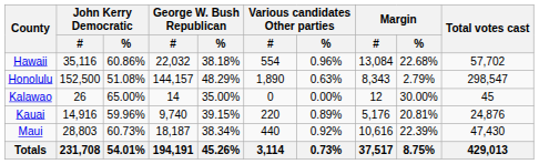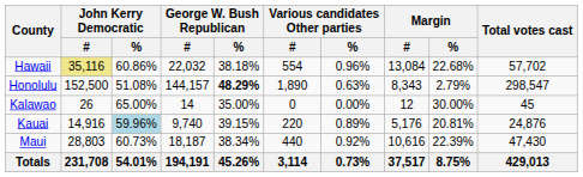 <table width="60%"  class="wikitable sortable" style="text-align:center">
 <tr>
 <th style="text-align:center;" rowspan="2">County</th>
 <th style="text-align:center;" colspan="2">John Kerry<br>Democratic</th>
 <th style="text-align:center;" colspan="2">George W. Bush<br>Republican</th>
 <th style="text-align:center;" colspan="2">Various candidates<br>Other parties</th>
 <th style="text-align:center;" colspan="2">Margin</th>
 <th style="text-align:center;" rowspan="2">Total votes cast</th>
 </tr>
 <tr>
 <th style="text-align:center;" data-sort-type="number">#</th>
 <th style="text-align:center;" data-sort-type="number">%</th>
 <th style="text-align:center;" data-sort-type="number">#</th>
 <th style="text-align:center;" data-sort-type="number">%</th>
 <th style="text-align:center;" data-sort-type="number">#</th>
 <th style="text-align:center;" data-sort-type="number">%</th>
 <th style="text-align:center;" data-sort-type="number">#</th>
 <th style="text-align:center;" data-sort-type="number">%</th>
 </tr>
 <tr style="text-align:center;">
 <td><a href='#'>Hawaii</a></td>
-<td>35,116</td>
+<td style="background: khaki;">35,116</td>
 <td>60.86%</td>
 <td>22,032</td>
 <td>38.18%</td>
 <td>554</td>
 <td>0.96%</td>
 <td>13,084</td>
 <td>22.68%</td>
 <td>57,702</td>
 </tr>
 <tr style="text-align:center;">
 <td><a href='#'>Honolulu</a></td>
 <td>152,500</td>
 <td>51.08%</td>
 <td>144,157</td>
-<td>48.29%</td>
+<td><strong>48.29%</strong></td>
 <td>1,890</td>
 <td>0.63%</td>
 <td>8,343</td>
 <td>2.79%</td>
 <td>298,547</td>
 </tr>
 <tr style="text-align:center;">
 <td><a href='#'>Kalawao</a></td>
 <td>26</td>
 <td>65.00%</td>
 <td>14</td>
 <td>35.00%</td>
 <td>0</td>
 <td>0.00%</td>
 <td>12</td>
 <td>30.00%</td>
 <td>45</td>
 </tr>
 <tr style="text-align:center;">
 <td><a href='#'>Kauai</a></td>
 <td>14,916</td>
-<td>59.96%</td>
+<td style="background: lightblue;">59.96%</td>
 <td>9,740</td>
 <td>39.15%</td>
 <td>220</td>
 <td>0.89%</td>
 <td>5,176</td>
 <td>20.81%</td>
 <td>24,876</td>
 </tr>
 <tr style="text-align:center;">
 <td><a href='#'>Maui</a></td>
 <td>28,803</td>
 <td>60.73%</td>
 <td>18,187</td>
 <td>38.34%</td>
 <td>440</td>
 <td>0.92%</td>
 <td>10,616</td>
 <td>22.39%</td>
 <td>47,430</td>
 </tr>
 <tr>
 <th>Totals</th>
 <th>231,708</th>
 <th>54.01%</th>
 <th>194,191</th>
 <th>45.26%</th>
 <th>3,114</th>
 <th>0.73%</th>
 <th>37,517</th>
 <th>8.75%</th>
 <th>429,013</th>
 </tr>
 </table>
